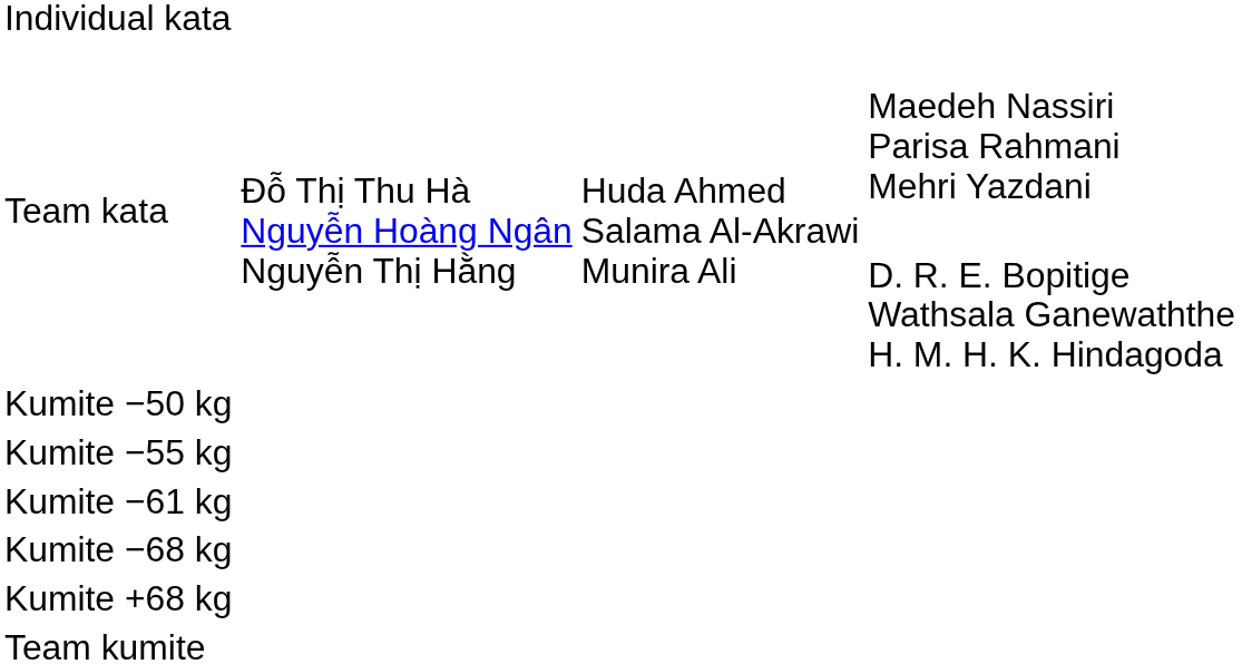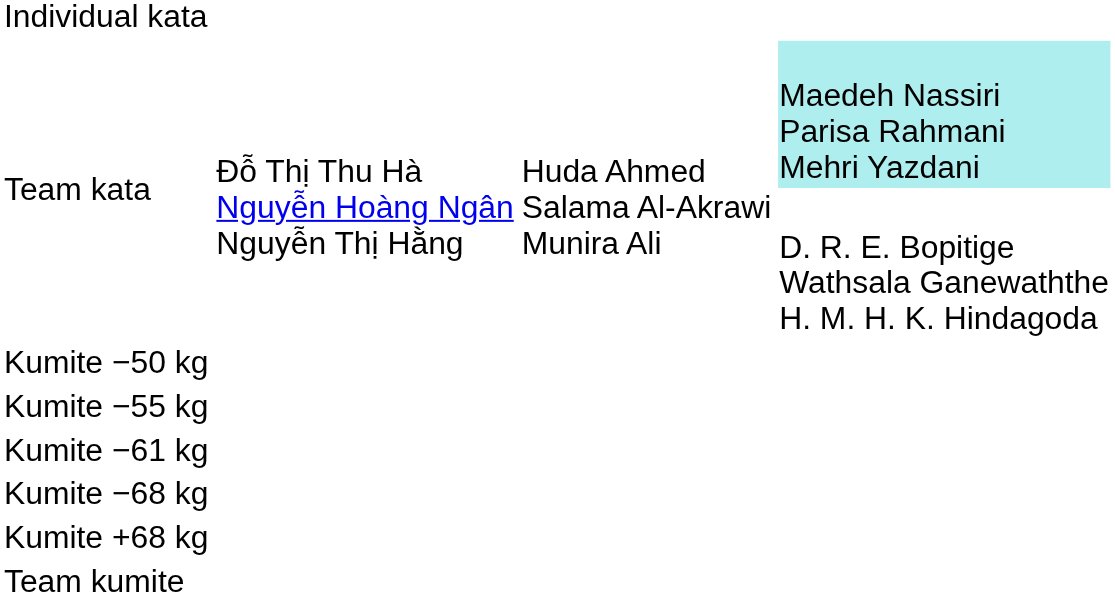 <table>
 <tr>
 <td rowspan=2>Individual kata</td>
 <td rowspan=2></td>
 <td rowspan=2></td>
 <td></td>
 </tr>
 <tr>
 <td></td>
 </tr>
 <tr>
 <td rowspan=2>Team kata</td>
 <td rowspan=2><br>Đỗ Thị Thu Hà<br><a href='#'>Nguyễn Hoàng Ngân</a><br>Nguyễn Thị Hằng</td>
 <td rowspan=2><br>Huda Ahmed<br>Salama Al-Akrawi<br>Munira Ali</td>
-<td><br>Maedeh Nassiri<br>Parisa Rahmani<br>Mehri Yazdani</td>
+<td style="background: paleturquoise;"><br>Maedeh Nassiri<br>Parisa Rahmani<br>Mehri Yazdani</td>
 </tr>
 <tr>
 <td><br>D. R. E. Bopitige<br>Wathsala Ganewaththe<br>H. M. H. K. Hindagoda</td>
 </tr>
 <tr>
 <td rowspan=2>Kumite −50 kg</td>
 <td rowspan=2></td>
 <td rowspan=2></td>
 <td></td>
 </tr>
 <tr>
 <td></td>
 </tr>
 <tr>
 <td rowspan=2>Kumite −55 kg</td>
 <td rowspan=2></td>
 <td rowspan=2></td>
 <td></td>
 </tr>
 <tr>
 <td></td>
 </tr>
 <tr>
 <td rowspan=2>Kumite −61 kg</td>
 <td rowspan=2></td>
 <td rowspan=2></td>
 <td></td>
 </tr>
 <tr>
 <td></td>
 </tr>
 <tr>
 <td rowspan=2>Kumite −68 kg</td>
 <td rowspan=2></td>
 <td rowspan=2></td>
 <td></td>
 </tr>
 <tr>
 <td></td>
 </tr>
 <tr>
 <td rowspan=2>Kumite +68 kg</td>
 <td rowspan=2></td>
 <td rowspan=2></td>
 <td></td>
 </tr>
 <tr>
 <td></td>
 </tr>
 <tr>
 <td rowspan=2>Team kumite</td>
 <td rowspan=2></td>
 <td rowspan=2></td>
 <td></td>
 </tr>
 <tr>
 <td></td>
 </tr>
 </table>
